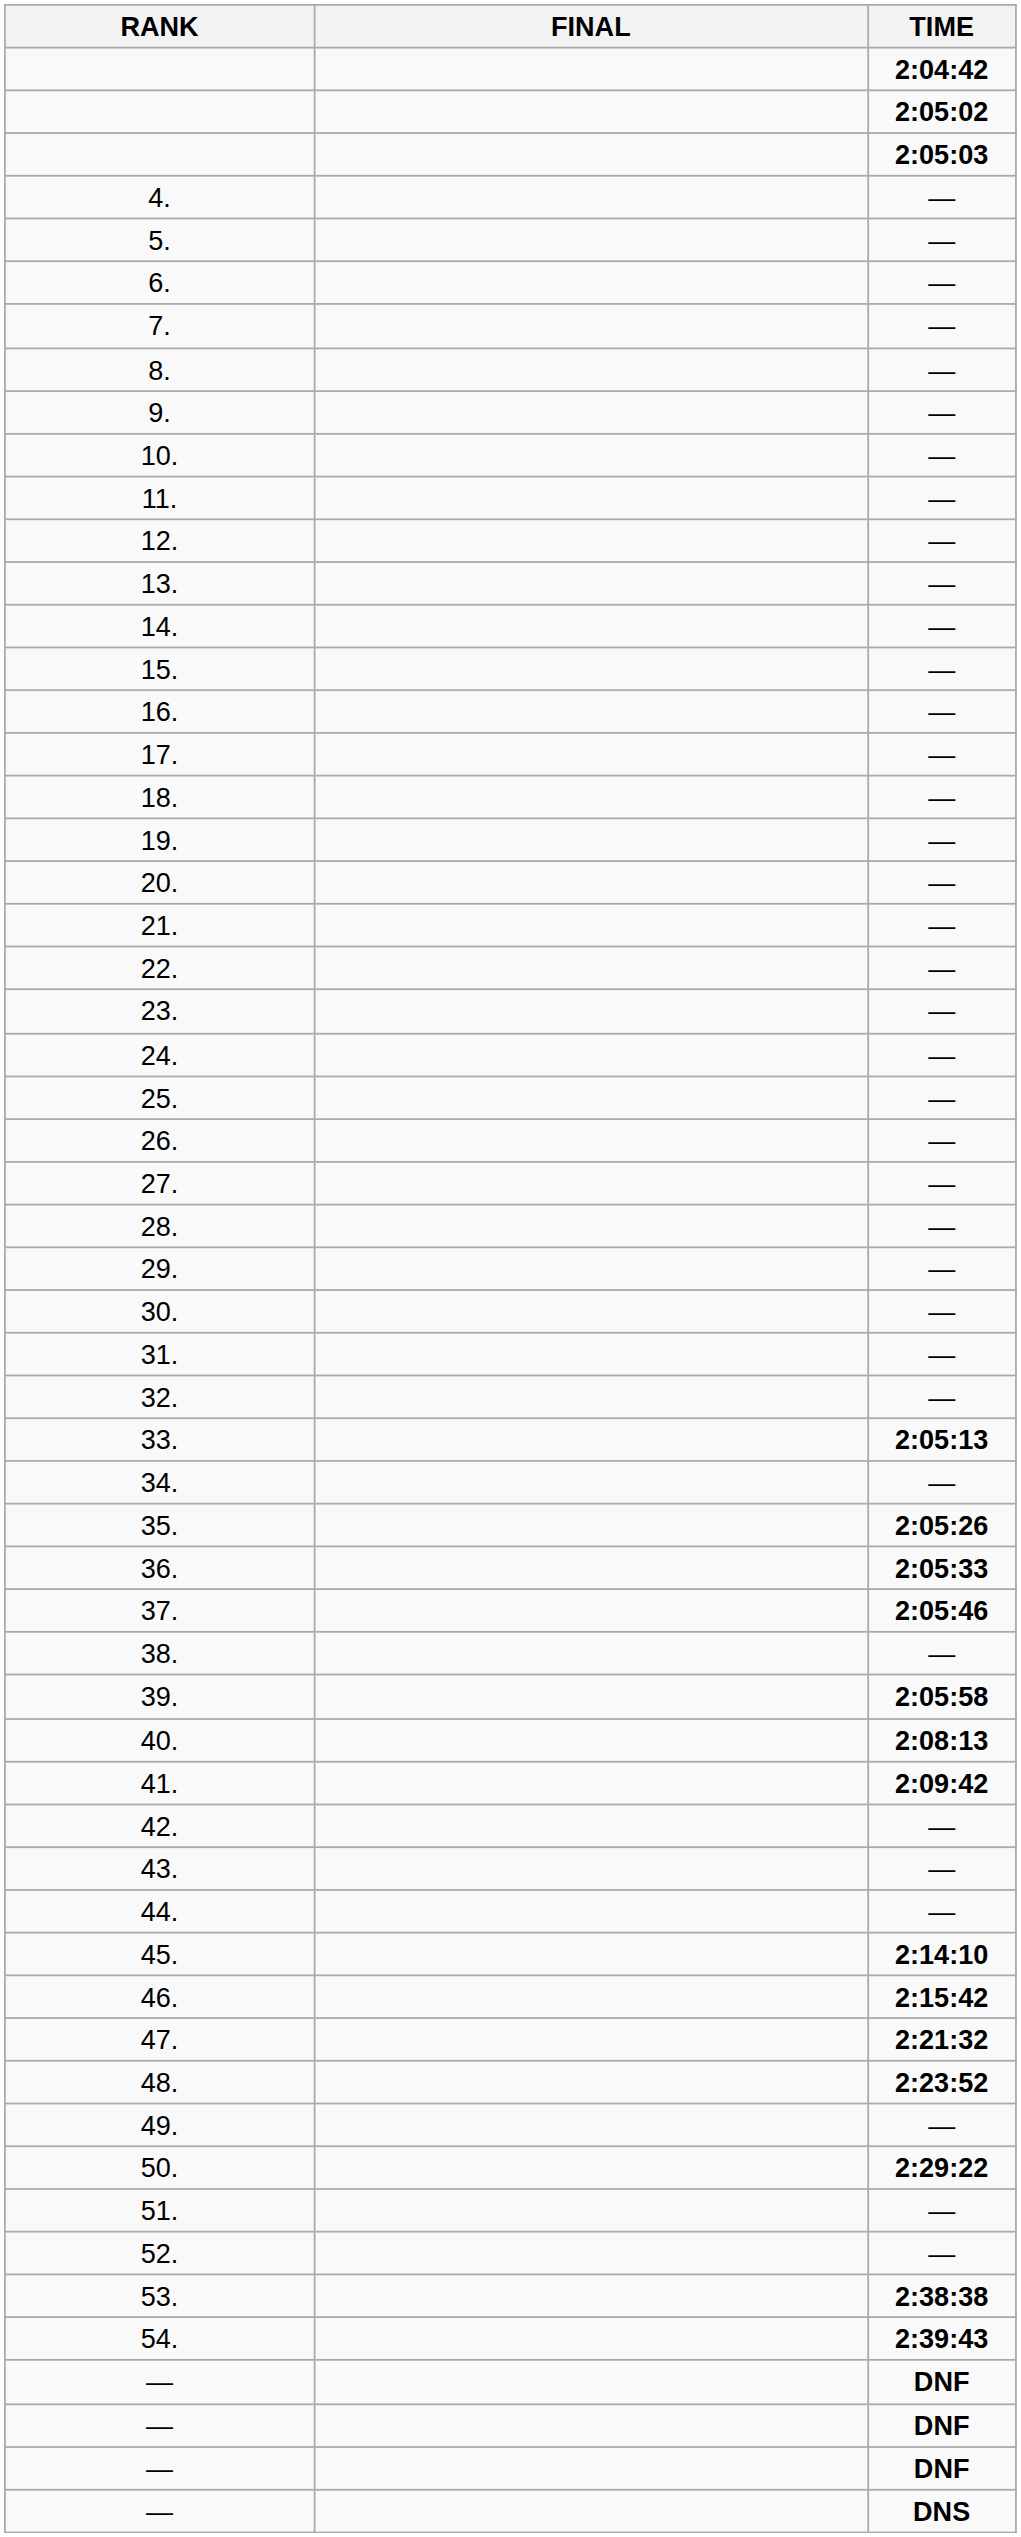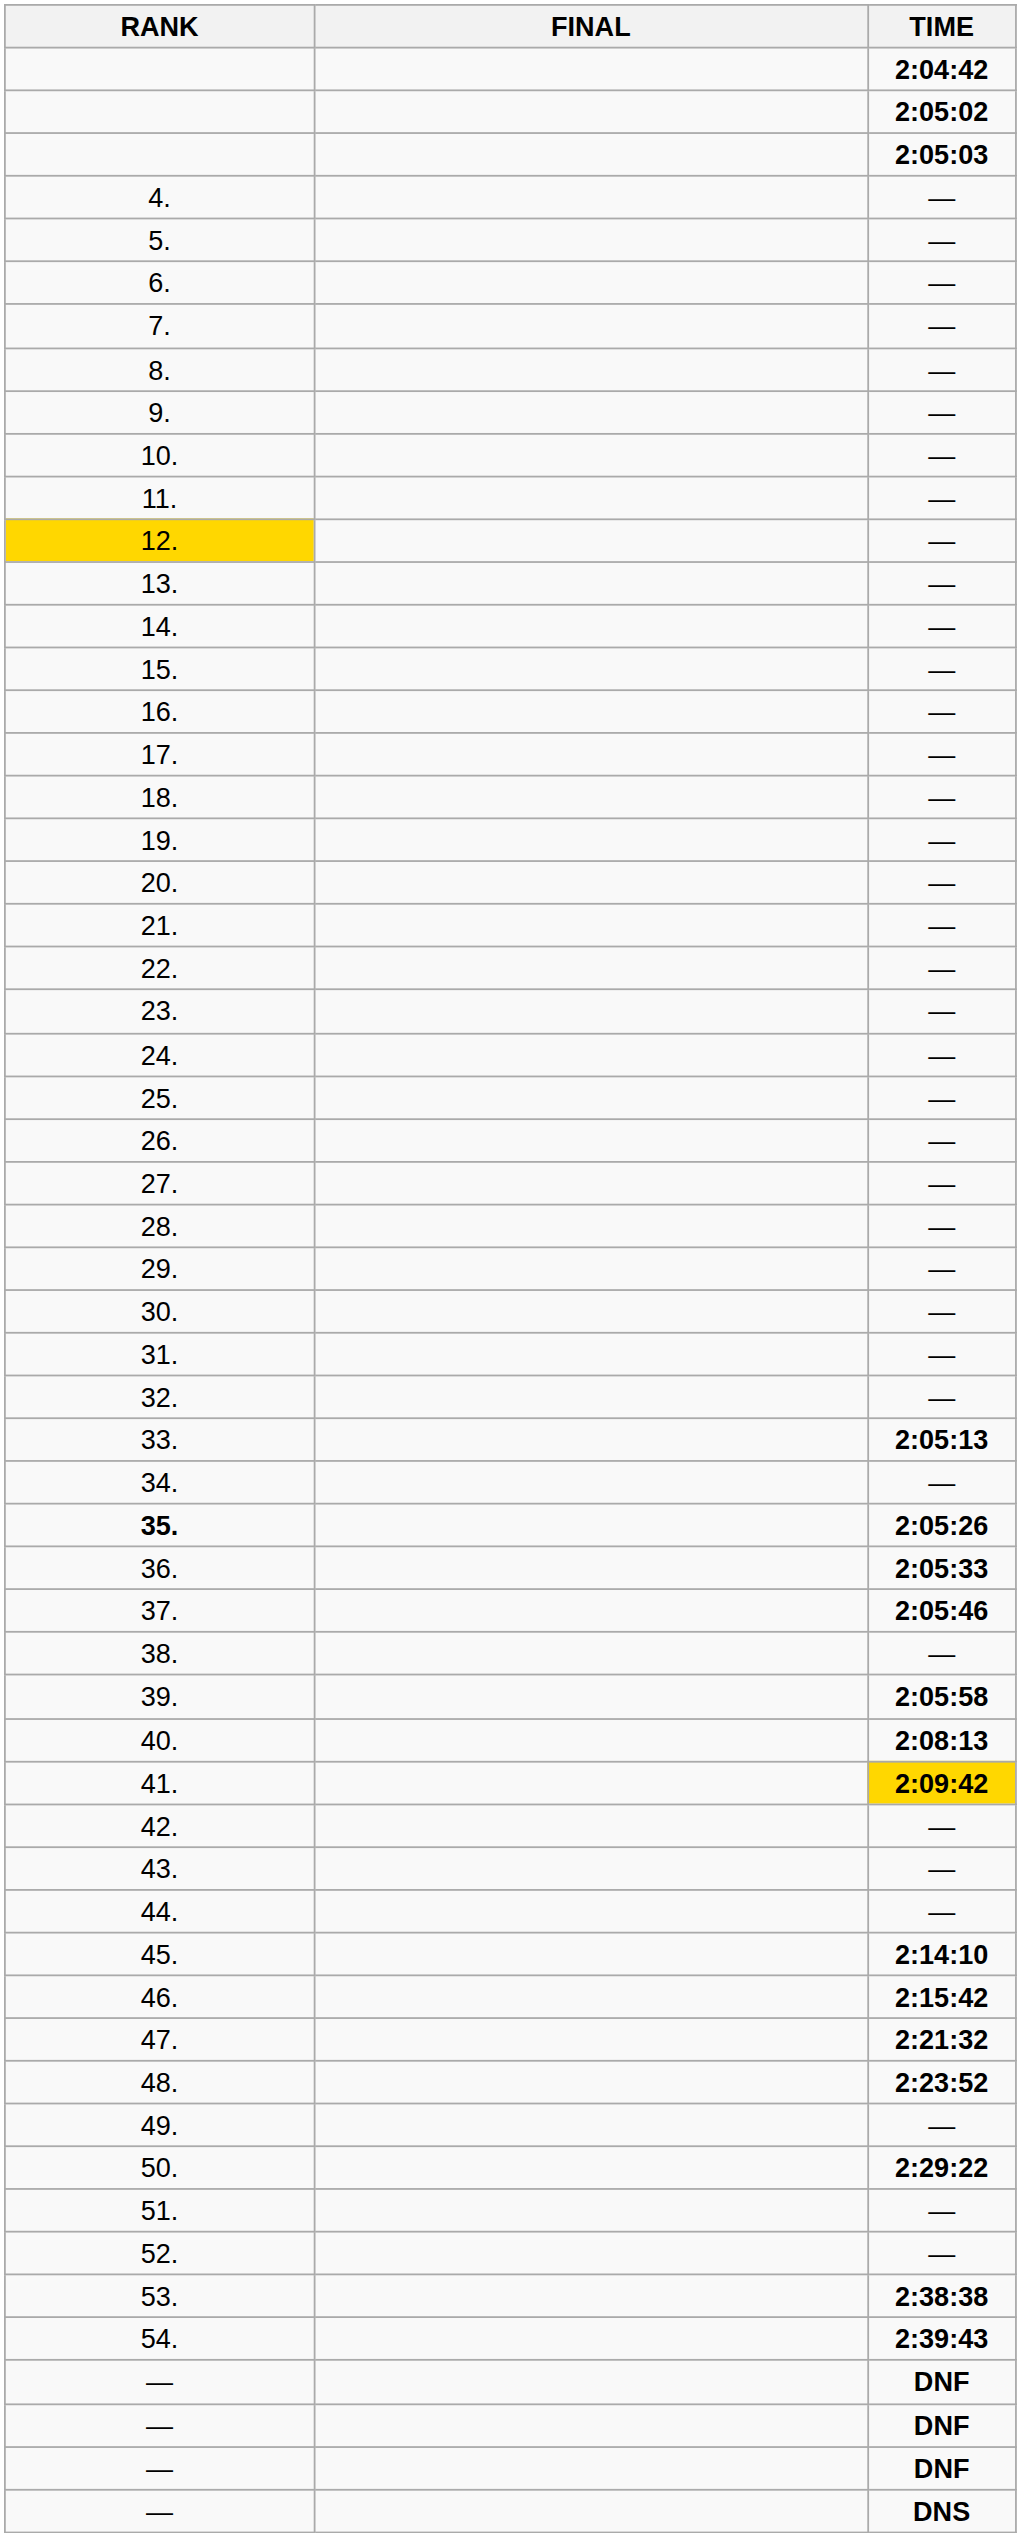 <table class=wikitable style="font-size:95%" width="45%">
 <tr bgcolor="#efefef">
 <th>RANK</th>
 <th align="center" style="width: 20em">FINAL</th>
 <th align="center" style="width: 5em">TIME</th>
 </tr>
 <tr>
 <td align="center"></td>
 <td></td>
 <td align="center"><strong>2:04:42</strong></td>
 </tr>
 <tr>
 <td align="center"></td>
 <td></td>
 <td align="center"><strong>2:05:02</strong></td>
 </tr>
 <tr>
 <td align="center"></td>
 <td></td>
 <td align="center"><strong>2:05:03</strong></td>
 </tr>
 <tr>
 <td align="center">4.</td>
 <td></td>
 <td align="center">—</td>
 </tr>
 <tr>
 <td align="center">5.</td>
 <td></td>
 <td align="center">—</td>
 </tr>
 <tr>
 <td align="center">6.</td>
 <td></td>
 <td align="center">—</td>
 </tr>
 <tr>
 <td align="center">7.</td>
 <td></td>
 <td align="center">—</td>
 </tr>
 <tr>
 <td align="center">8.</td>
 <td></td>
 <td align="center">—</td>
 </tr>
 <tr>
 <td align="center">9.</td>
 <td></td>
 <td align="center">—</td>
 </tr>
 <tr>
 <td align="center">10.</td>
 <td></td>
 <td align="center">—</td>
 </tr>
 <tr>
 <td align="center">11.</td>
 <td></td>
 <td align="center">—</td>
 </tr>
 <tr>
-<td align="center">12.</td>
+<td align="center" style="background: gold;">12.</td>
 <td></td>
 <td align="center">—</td>
 </tr>
 <tr>
 <td align="center">13.</td>
 <td></td>
 <td align="center">—</td>
 </tr>
 <tr>
 <td align="center">14.</td>
 <td></td>
 <td align="center">—</td>
 </tr>
 <tr>
 <td align="center">15.</td>
 <td></td>
 <td align="center">—</td>
 </tr>
 <tr>
 <td align="center">16.</td>
 <td></td>
 <td align="center">—</td>
 </tr>
 <tr>
 <td align="center">17.</td>
 <td></td>
 <td align="center">—</td>
 </tr>
 <tr>
 <td align="center">18.</td>
 <td></td>
 <td align="center">—</td>
 </tr>
 <tr>
 <td align="center">19.</td>
 <td></td>
 <td align="center">—</td>
 </tr>
 <tr>
 <td align="center">20.</td>
 <td></td>
 <td align="center">—</td>
 </tr>
 <tr>
 <td align="center">21.</td>
 <td></td>
 <td align="center">—</td>
 </tr>
 <tr>
 <td align="center">22.</td>
 <td></td>
 <td align="center">—</td>
 </tr>
 <tr>
 <td align="center">23.</td>
 <td></td>
 <td align="center">—</td>
 </tr>
 <tr>
 <td align="center">24.</td>
 <td></td>
 <td align="center">—</td>
 </tr>
 <tr>
 <td align="center">25.</td>
 <td></td>
 <td align="center">—</td>
 </tr>
 <tr>
 <td align="center">26.</td>
 <td></td>
 <td align="center">—</td>
 </tr>
 <tr>
 <td align="center">27.</td>
 <td></td>
 <td align="center">—</td>
 </tr>
 <tr>
 <td align="center">28.</td>
 <td></td>
 <td align="center">—</td>
 </tr>
 <tr>
 <td align="center">29.</td>
 <td></td>
 <td align="center">—</td>
 </tr>
 <tr>
 <td align="center">30.</td>
 <td></td>
 <td align="center">—</td>
 </tr>
 <tr>
 <td align="center">31.</td>
 <td></td>
 <td align="center">—</td>
 </tr>
 <tr>
 <td align="center">32.</td>
 <td></td>
 <td align="center">—</td>
 </tr>
 <tr>
 <td align="center">33.</td>
 <td></td>
 <td align="center"><strong>2:05:13</strong></td>
 </tr>
 <tr>
 <td align="center">34.</td>
 <td></td>
 <td align="center">—</td>
 </tr>
 <tr>
-<td align="center">35.</td>
+<td align="center"><strong>35.</strong></td>
 <td></td>
 <td align="center"><strong>2:05:26</strong></td>
 </tr>
 <tr>
 <td align="center">36.</td>
 <td></td>
 <td align="center"><strong>2:05:33</strong></td>
 </tr>
 <tr>
 <td align="center">37.</td>
 <td></td>
 <td align="center"><strong>2:05:46</strong></td>
 </tr>
 <tr>
 <td align="center">38.</td>
 <td></td>
 <td align="center">—</td>
 </tr>
 <tr>
 <td align="center">39.</td>
 <td></td>
 <td align="center"><strong>2:05:58</strong></td>
 </tr>
 <tr>
 <td align="center">40.</td>
 <td></td>
 <td align="center"><strong>2:08:13</strong></td>
 </tr>
 <tr>
 <td align="center">41.</td>
 <td></td>
-<td align="center"><strong>2:09:42</strong></td>
+<td align="center" style="background: gold;"><strong>2:09:42</strong></td>
 </tr>
 <tr>
 <td align="center">42.</td>
 <td></td>
 <td align="center">—</td>
 </tr>
 <tr>
 <td align="center">43.</td>
 <td></td>
 <td align="center">—</td>
 </tr>
 <tr>
 <td align="center">44.</td>
 <td></td>
 <td align="center">—</td>
 </tr>
 <tr>
 <td align="center">45.</td>
 <td></td>
 <td align="center"><strong>2:14:10</strong></td>
 </tr>
 <tr>
 <td align="center">46.</td>
 <td></td>
 <td align="center"><strong>2:15:42</strong></td>
 </tr>
 <tr>
 <td align="center">47.</td>
 <td></td>
 <td align="center"><strong>2:21:32</strong></td>
 </tr>
 <tr>
 <td align="center">48.</td>
 <td></td>
 <td align="center"><strong>2:23:52</strong></td>
 </tr>
 <tr>
 <td align="center">49.</td>
 <td></td>
 <td align="center">—</td>
 </tr>
 <tr>
 <td align="center">50.</td>
 <td></td>
 <td align="center"><strong>2:29:22</strong></td>
 </tr>
 <tr>
 <td align="center">51.</td>
 <td></td>
 <td align="center">—</td>
 </tr>
 <tr>
 <td align="center">52.</td>
 <td></td>
 <td align="center">—</td>
 </tr>
 <tr>
 <td align="center">53.</td>
 <td></td>
 <td align="center"><strong>2:38:38</strong></td>
 </tr>
 <tr>
 <td align="center">54.</td>
 <td></td>
 <td align="center"><strong>2:39:43</strong></td>
 </tr>
 <tr>
 <td align="center">—</td>
 <td></td>
 <td align="center"><strong>DNF</strong></td>
 </tr>
 <tr>
 <td align="center">—</td>
 <td></td>
 <td align="center"><strong>DNF</strong></td>
 </tr>
 <tr>
 <td align="center">—</td>
 <td></td>
 <td align="center"><strong>DNF</strong></td>
 </tr>
 <tr>
 <td align="center">—</td>
 <td></td>
 <td align="center"><strong>DNS</strong></td>
 </tr>
 </table>
